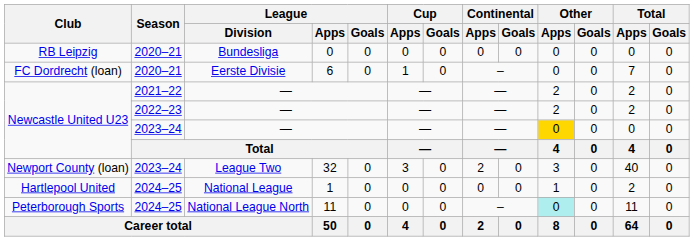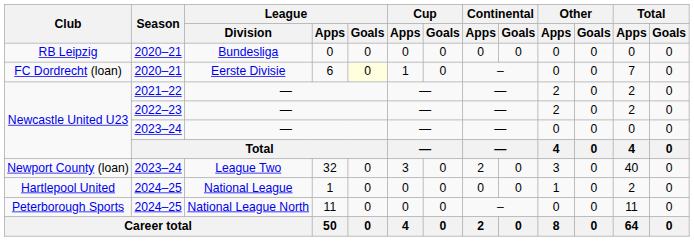 <table class="wikitable" style="text-align: center">
 <tr>
 <th rowspan="2">Club</th>
 <th rowspan="2">Season</th>
 <th colspan="3">League</th>
 <th colspan="2">Cup</th>
 <th colspan="2">Continental</th>
 <th colspan="2">Other</th>
 <th colspan="2">Total</th>
 </tr>
 <tr>
 <th>Division</th>
 <th>Apps</th>
 <th>Goals</th>
 <th>Apps</th>
 <th>Goals</th>
 <th>Apps</th>
 <th>Goals</th>
 <th>Apps</th>
 <th>Goals</th>
 <th>Apps</th>
 <th>Goals</th>
 </tr>
 <tr>
 <td><a href='#'>RB Leipzig</a></td>
 <td><a href='#'>2020–21</a></td>
 <td><a href='#'>Bundesliga</a></td>
 <td>0</td>
 <td>0</td>
 <td>0</td>
 <td>0</td>
 <td>0</td>
 <td>0</td>
 <td>0</td>
 <td>0</td>
 <td>0</td>
 <td>0</td>
 </tr>
 <tr>
 <td><a href='#'>FC Dordrecht</a> (loan)</td>
 <td><a href='#'>2020–21</a></td>
 <td><a href='#'>Eerste Divisie</a></td>
 <td>6</td>
-<td>0</td>
+<td style="background: lightyellow;">0</td>
 <td>1</td>
 <td>0</td>
 <td colspan="2">–</td>
 <td>0</td>
 <td>0</td>
 <td>7</td>
 <td>0</td>
 </tr>
 <tr>
 <td rowspan="4"><a href='#'>Newcastle United U23</a></td>
 <td><a href='#'>2021–22</a></td>
 <td colspan="3">—</td>
 <td colspan="2">—</td>
 <td colspan="2">—</td>
 <td>2</td>
 <td>0</td>
 <td>2</td>
 <td>0</td>
 </tr>
 <tr>
 <td><a href='#'>2022–23</a></td>
 <td colspan="3">—</td>
 <td colspan="2">—</td>
 <td colspan="2">—</td>
 <td>2</td>
 <td>0</td>
 <td>2</td>
 <td>0</td>
 </tr>
 <tr>
 <td><a href='#'>2023–24</a></td>
 <td colspan="3">—</td>
 <td colspan="2">—</td>
 <td colspan="2">—</td>
-<td style="background: gold;">0</td>
+<td>0</td>
 <td>0</td>
 <td>0</td>
 <td>0</td>
 </tr>
 <tr>
 <th colspan="4">Total</th>
 <th colspan="2">—</th>
 <th colspan="2">—</th>
 <th>4</th>
 <th>0</th>
 <th>4</th>
 <th>0</th>
 </tr>
 <tr>
 <td><a href='#'>Newport County</a> (loan)</td>
 <td><a href='#'>2023–24</a></td>
 <td><a href='#'>League Two</a></td>
 <td>32</td>
 <td>0</td>
 <td>3</td>
 <td>0</td>
 <td>2</td>
 <td>0</td>
 <td>3</td>
 <td>0</td>
 <td>40</td>
 <td>0</td>
 </tr>
 <tr>
 <td><a href='#'>Hartlepool United</a></td>
 <td><a href='#'>2024–25</a></td>
 <td><a href='#'>National League</a></td>
 <td>1</td>
 <td>0</td>
 <td>0</td>
 <td>0</td>
 <td>0</td>
 <td>0</td>
 <td>1</td>
 <td>0</td>
 <td>2</td>
 <td>0</td>
 </tr>
 <tr>
 <td><a href='#'>Peterborough Sports</a></td>
 <td><a href='#'>2024–25</a></td>
 <td><a href='#'>National League North</a></td>
 <td>11</td>
 <td>0</td>
 <td>0</td>
 <td>0</td>
 <td colspan="2">–</td>
-<td style="background: paleturquoise;">0</td>
+<td>0</td>
 <td>0</td>
 <td>11</td>
 <td>0</td>
 </tr>
 <tr>
 <th colspan="3">Career total</th>
 <th>50</th>
 <th>0</th>
 <th>4</th>
 <th>0</th>
 <th>2</th>
 <th>0</th>
 <th>8</th>
 <th>0</th>
 <th>64</th>
 <th>0</th>
 </tr>
 </table>
